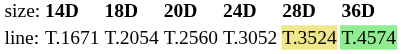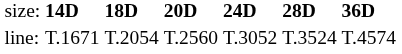 <table style="margin-left:40px;">
 <tr>
 <td>size:</td>
 <td><strong>14D</strong></td>
 <td><strong>18D</strong></td>
 <td><strong>20D</strong></td>
 <td><strong>24D</strong></td>
 <td><strong>28D</strong></td>
 <td><strong>36D</strong></td>
 </tr>
 <tr>
 <td>line:</td>
 <td>T.1671</td>
 <td>T.2054</td>
 <td>T.2560</td>
 <td>T.3052</td>
-<td style="background: khaki;">T.3524</td>
-<td style="background: lightgreen;">T.4574</td>
+<td>T.3524</td>
+<td>T.4574</td>
 </tr>
 </table>
